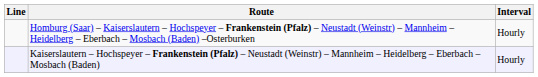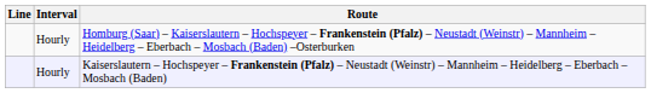 <table class="wikitable">
 <tr>
 <th>Line</th>
+<th>Interval</th>
 <th>Route</th>
-<th>Interval</th>
 </tr>
 <tr>
 <td></td>
+<td>Hourly</td>
 <td><a href='#'>Homburg (Saar)</a> – <a href='#'>Kaiserslautern</a> – <a href='#'>Hochspeyer</a> – <strong>Frankenstein (Pfalz)</strong> – <a href='#'>Neustadt (Weinstr)</a> – <a href='#'>Mannheim</a> – <a href='#'>Heidelberg</a> – Eberbach – <a href='#'>Mosbach (Baden)</a> –Osterburken</td>
-<td>Hourly</td>
 </tr>
 <tr bgcolor="#f0f0ff">
 <td></td>
+<td>Hourly</td>
 <td>Kaiserslautern – Hochspeyer – <strong>Frankenstein (Pfalz)</strong> – Neustadt (Weinstr) – Mannheim – Heidelberg – Eberbach – Mosbach (Baden)</td>
-<td>Hourly</td>
 </tr>
 </table>
